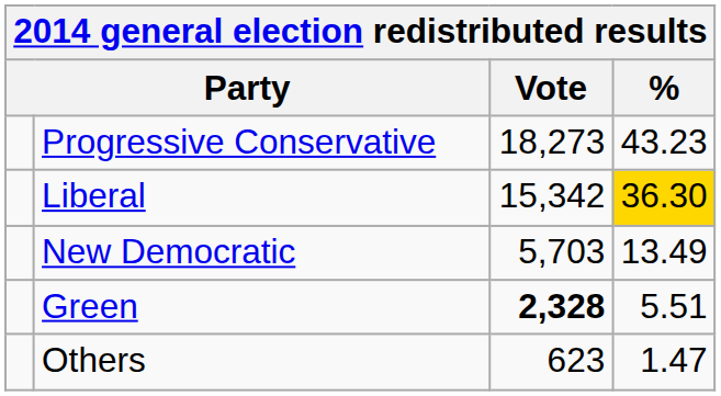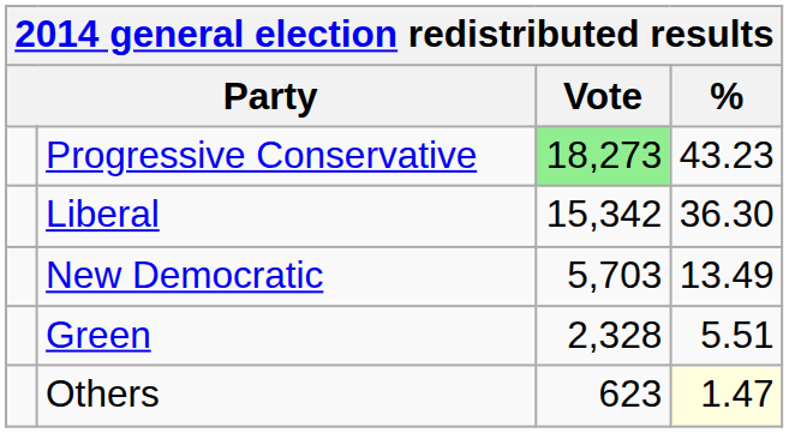 <table class="wikitable">
 <tr>
 <th colspan="4"><a href='#'>2014 general election</a> redistributed results</th>
 </tr>
 <tr>
 <th bgcolor="#DDDDFF" width="130px" colspan="2">Party</th>
 <th bgcolor="#DDDDFF" width="50px">Vote</th>
 <th bgcolor="#DDDDFF" width="30px">%</th>
 </tr>
 <tr>
 <td> </td>
 <td><a href='#'>Progressive Conservative</a></td>
-<td align=right>18,273</td>
+<td align=right style="background: lightgreen;">18,273</td>
 <td align=right>43.23</td>
 </tr>
 <tr>
 <td> </td>
 <td><a href='#'>Liberal</a></td>
 <td align=right>15,342</td>
-<td align=right style="background: gold;">36.30</td>
+<td align=right>36.30</td>
 </tr>
 <tr>
 <td> </td>
 <td><a href='#'>New Democratic</a></td>
 <td align=right>5,703</td>
 <td align=right>13.49</td>
 </tr>
 <tr>
 <td> </td>
 <td><a href='#'>Green</a></td>
-<td align=right><strong>2,328</strong></td>
+<td align=right>2,328</td>
 <td align=right>5.51</td>
 </tr>
 <tr>
 <td> </td>
 <td>Others</td>
 <td align=right>623</td>
-<td align=right>1.47</td>
+<td align=right style="background: lightyellow;">1.47</td>
 </tr>
 </table>
